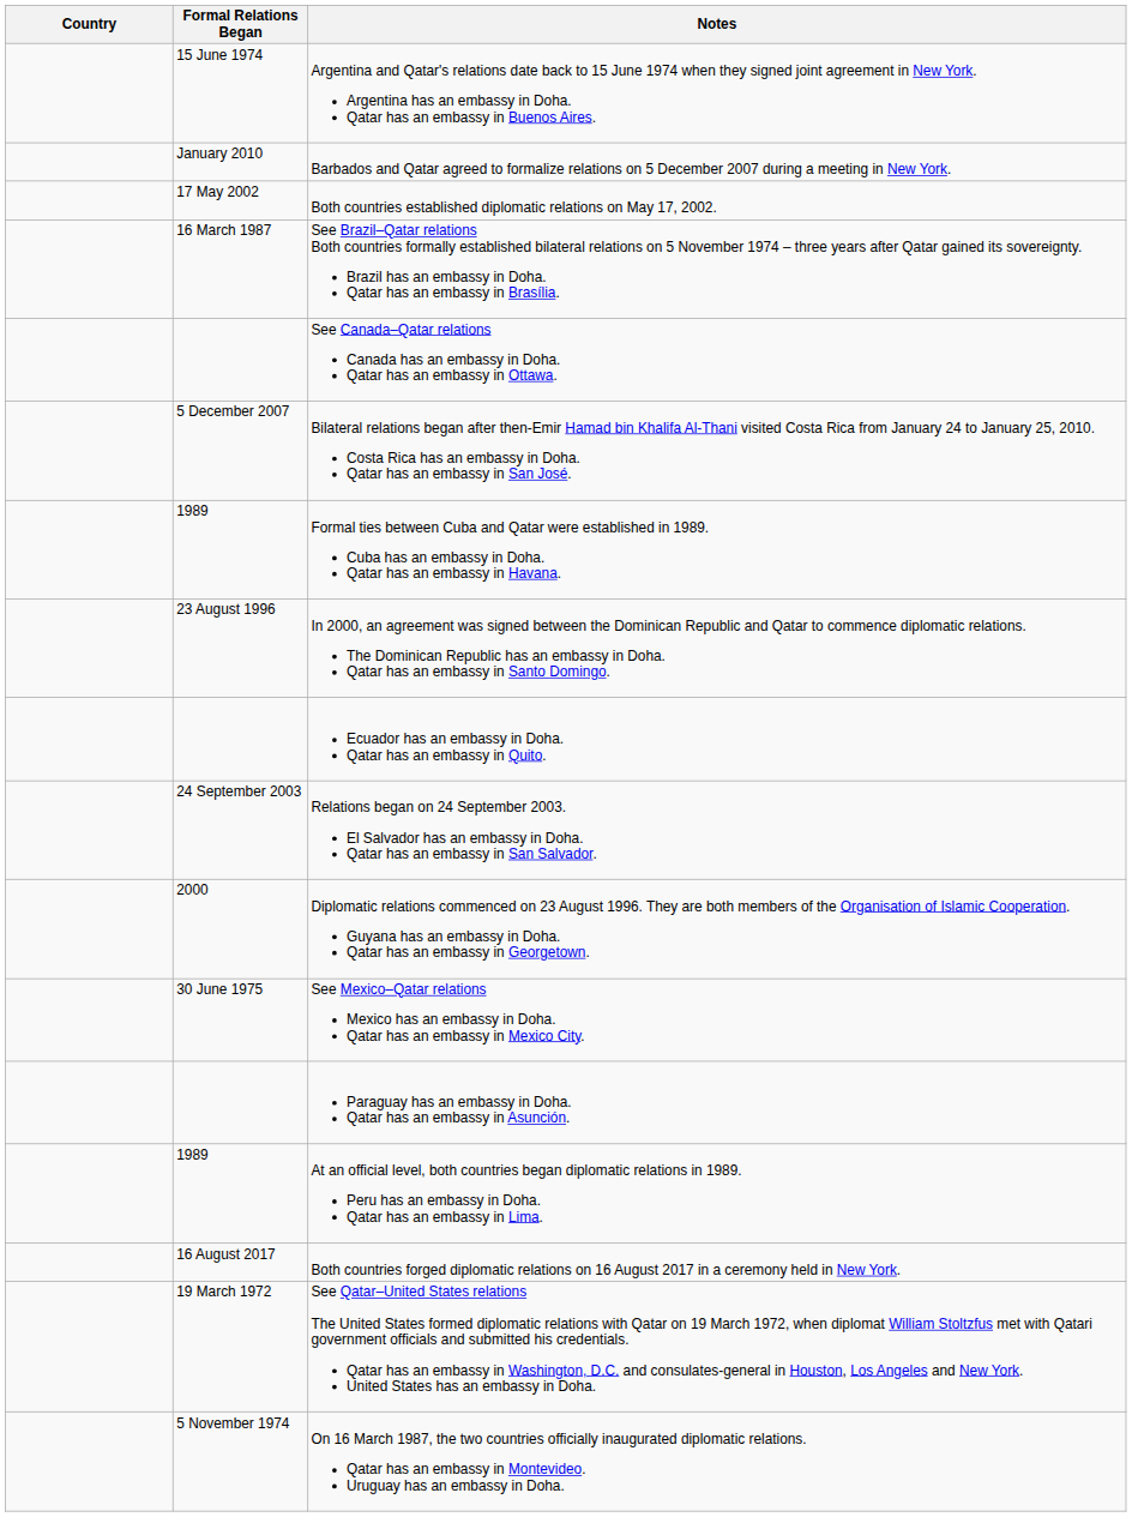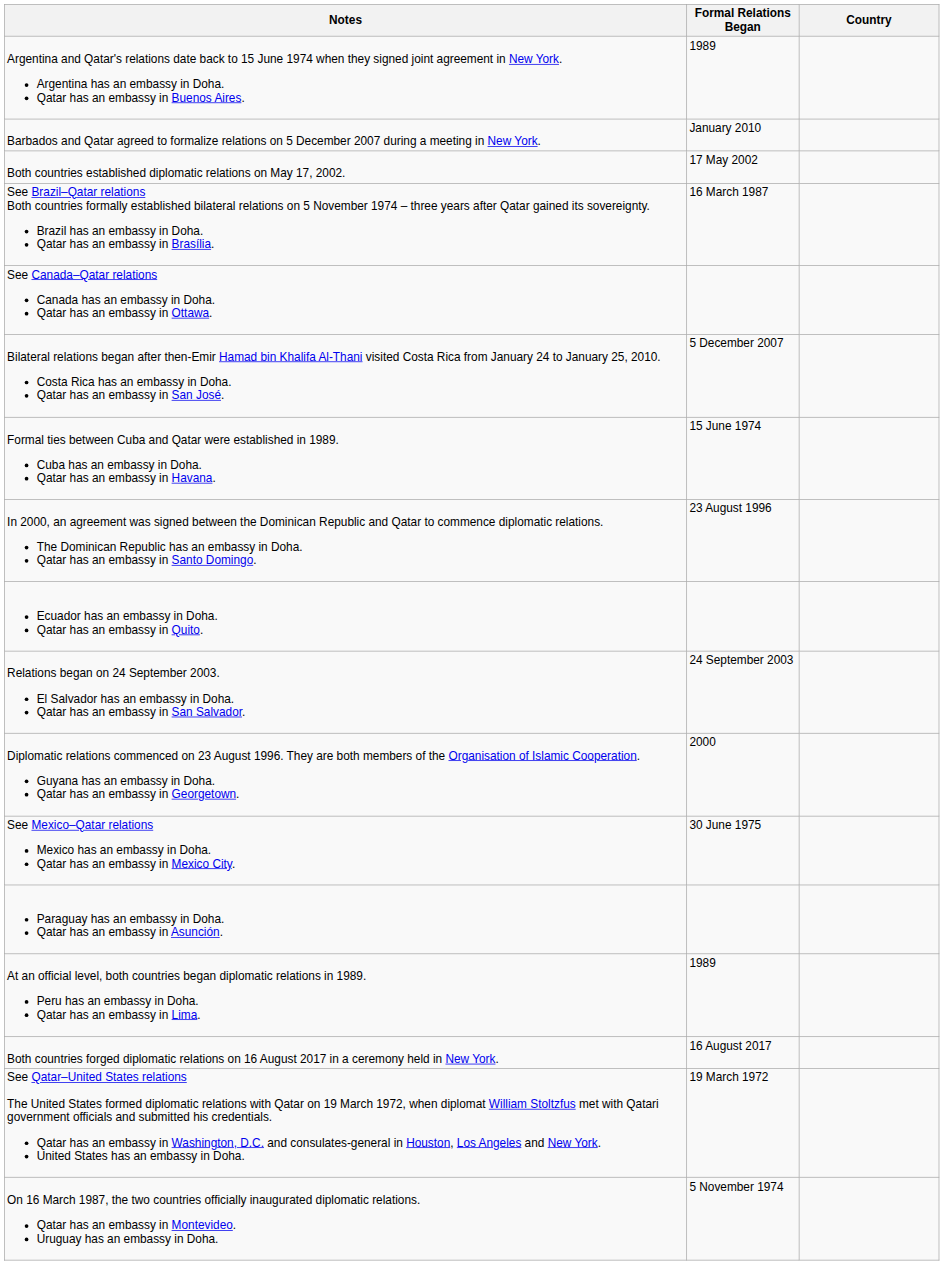 <table class="wikitable sortable" style="width:100%; margin:auto;">
 <tr>
+<th>Notes</th>
+<th style="width:12%;">Formal Relations Began</th>
 <th style="width:15%;">Country</th>
-<th style="width:12%;">Formal Relations Began</th>
-<th>Notes</th>
 </tr>
 <tr valign="top">
+<td><br>Argentina and Qatar's relations date back to 15 June 1974 when they signed joint agreement in <a href='#'>New York</a>.<ul><li>Argentina has an embassy in Doha.</li><li>Qatar has an embassy in <a href='#'>Buenos Aires</a>.</li></ul></td>
+<td>1989</td>
 <td></td>
-<td>15 June 1974</td>
-<td><br>Argentina and Qatar's relations date back to 15 June 1974 when they signed joint agreement in <a href='#'>New York</a>.<ul><li>Argentina has an embassy in Doha.</li><li>Qatar has an embassy in <a href='#'>Buenos Aires</a>.</li></ul></td>
 </tr>
 <tr valign="top">
+<td><br>Barbados and Qatar agreed to formalize relations on 5 December 2007 during a meeting in <a href='#'>New York</a>.</td>
+<td>January 2010</td>
 <td></td>
-<td>January 2010</td>
-<td><br>Barbados and Qatar agreed to formalize relations on 5 December 2007 during a meeting in <a href='#'>New York</a>.</td>
 </tr>
 <tr valign="top">
+<td><br>Both countries established diplomatic relations on May 17, 2002.</td>
+<td>17 May 2002</td>
 <td></td>
-<td>17 May 2002</td>
-<td><br>Both countries established diplomatic relations on May 17, 2002.</td>
 </tr>
 <tr valign="top">
+<td>See <a href='#'>Brazil–Qatar relations</a><br>Both countries formally established bilateral relations on 5 November 1974 – three years after Qatar gained its sovereignty.<ul><li>Brazil has an embassy in Doha.</li><li>Qatar has an embassy in <a href='#'>Brasília</a>.</li></ul></td>
+<td>16 March 1987</td>
 <td></td>
-<td>16 March 1987</td>
-<td>See <a href='#'>Brazil–Qatar relations</a><br>Both countries formally established bilateral relations on 5 November 1974 – three years after Qatar gained its sovereignty.<ul><li>Brazil has an embassy in Doha.</li><li>Qatar has an embassy in <a href='#'>Brasília</a>.</li></ul></td>
 </tr>
 <tr valign="top">
+<td>See <a href='#'>Canada–Qatar relations</a><br><ul><li>Canada has an embassy in Doha.</li><li>Qatar has an embassy in <a href='#'>Ottawa</a>.</li></ul></td>
 <td></td>
 <td></td>
-<td>See <a href='#'>Canada–Qatar relations</a><br><ul><li>Canada has an embassy in Doha.</li><li>Qatar has an embassy in <a href='#'>Ottawa</a>.</li></ul></td>
 </tr>
 <tr valign="top">
+<td><br>Bilateral relations began after then-Emir <a href='#'>Hamad bin Khalifa Al-Thani</a> visited Costa Rica from January 24 to January 25, 2010.<ul><li>Costa Rica has an embassy in Doha.</li><li>Qatar has an embassy in <a href='#'>San José</a>.</li></ul></td>
+<td>5 December 2007</td>
 <td></td>
-<td>5 December 2007</td>
-<td><br>Bilateral relations began after then-Emir <a href='#'>Hamad bin Khalifa Al-Thani</a> visited Costa Rica from January 24 to January 25, 2010.<ul><li>Costa Rica has an embassy in Doha.</li><li>Qatar has an embassy in <a href='#'>San José</a>.</li></ul></td>
 </tr>
 <tr valign="top">
+<td><br>Formal ties between Cuba and Qatar were established in 1989.<ul><li>Cuba has an embassy in Doha.</li><li>Qatar has an embassy in <a href='#'>Havana</a>.</li></ul></td>
+<td>15 June 1974</td>
 <td></td>
-<td>1989</td>
-<td><br>Formal ties between Cuba and Qatar were established in 1989.<ul><li>Cuba has an embassy in Doha.</li><li>Qatar has an embassy in <a href='#'>Havana</a>.</li></ul></td>
 </tr>
 <tr valign="top">
+<td><br>In 2000, an agreement was signed between the Dominican Republic and Qatar to commence diplomatic relations.<ul><li>The Dominican Republic has an embassy in Doha.</li><li>Qatar has an embassy in <a href='#'>Santo Domingo</a>.</li></ul></td>
+<td>23 August 1996</td>
 <td></td>
-<td>23 August 1996</td>
-<td><br>In 2000, an agreement was signed between the Dominican Republic and Qatar to commence diplomatic relations.<ul><li>The Dominican Republic has an embassy in Doha.</li><li>Qatar has an embassy in <a href='#'>Santo Domingo</a>.</li></ul></td>
 </tr>
 <tr valign="top">
+<td><br><ul><li>Ecuador has an embassy in Doha.</li><li>Qatar has an embassy in <a href='#'>Quito</a>.</li></ul></td>
 <td></td>
 <td></td>
-<td><br><ul><li>Ecuador has an embassy in Doha.</li><li>Qatar has an embassy in <a href='#'>Quito</a>.</li></ul></td>
 </tr>
 <tr valign="top">
+<td><br>Relations began on 24 September 2003.<ul><li>El Salvador has an embassy in Doha.</li><li>Qatar has an embassy in <a href='#'>San Salvador</a>.</li></ul></td>
+<td>24 September 2003</td>
 <td></td>
-<td>24 September 2003</td>
-<td><br>Relations began on 24 September 2003.<ul><li>El Salvador has an embassy in Doha.</li><li>Qatar has an embassy in <a href='#'>San Salvador</a>.</li></ul></td>
 </tr>
 <tr valign="top">
+<td><br>Diplomatic relations commenced on 23 August 1996. They are both members of the <a href='#'>Organisation of Islamic Cooperation</a>.<ul><li>Guyana has an embassy in Doha.</li><li>Qatar has an embassy in <a href='#'>Georgetown</a>.</li></ul></td>
+<td>2000</td>
 <td></td>
-<td>2000</td>
-<td><br>Diplomatic relations commenced on 23 August 1996. They are both members of the <a href='#'>Organisation of Islamic Cooperation</a>.<ul><li>Guyana has an embassy in Doha.</li><li>Qatar has an embassy in <a href='#'>Georgetown</a>.</li></ul></td>
 </tr>
 <tr valign="top">
+<td>See <a href='#'>Mexico–Qatar relations</a><br><ul><li>Mexico has an embassy in Doha.</li><li>Qatar has an embassy in <a href='#'>Mexico City</a>.</li></ul></td>
+<td>30 June 1975</td>
 <td></td>
-<td>30 June 1975</td>
-<td>See <a href='#'>Mexico–Qatar relations</a><br><ul><li>Mexico has an embassy in Doha.</li><li>Qatar has an embassy in <a href='#'>Mexico City</a>.</li></ul></td>
 </tr>
 <tr valign="top">
+<td><br><ul><li>Paraguay has an embassy in Doha.</li><li>Qatar has an embassy in <a href='#'>Asunción</a>.</li></ul></td>
 <td></td>
 <td></td>
-<td><br><ul><li>Paraguay has an embassy in Doha.</li><li>Qatar has an embassy in <a href='#'>Asunción</a>.</li></ul></td>
 </tr>
 <tr valign="top">
+<td><br>At an official level, both countries began diplomatic relations in 1989.<ul><li>Peru has an embassy in Doha.</li><li>Qatar has an embassy in <a href='#'>Lima</a>.</li></ul></td>
+<td>1989</td>
 <td></td>
-<td>1989</td>
-<td><br>At an official level, both countries began diplomatic relations in 1989.<ul><li>Peru has an embassy in Doha.</li><li>Qatar has an embassy in <a href='#'>Lima</a>.</li></ul></td>
 </tr>
 <tr valign="top">
+<td><br>Both countries forged diplomatic relations on 16 August 2017 in a ceremony held in <a href='#'>New York</a>.</td>
+<td>16 August 2017</td>
 <td></td>
-<td>16 August 2017</td>
-<td><br>Both countries forged diplomatic relations on 16 August 2017 in a ceremony held in <a href='#'>New York</a>.</td>
 </tr>
 <tr valign="top">
+<td>See <a href='#'>Qatar–United States relations</a><br><br>The United States formed diplomatic relations with Qatar on 19 March 1972, when diplomat <a href='#'>William Stoltzfus</a> met with Qatari government officials and submitted his credentials.<ul><li>Qatar has an embassy in <a href='#'>Washington, D.C.</a> and consulates-general in <a href='#'>Houston</a>, <a href='#'>Los Angeles</a> and <a href='#'>New York</a>.</li><li>United States has an embassy in Doha.</li></ul></td>
+<td>19 March 1972</td>
 <td></td>
-<td>19 March 1972</td>
-<td>See <a href='#'>Qatar–United States relations</a><br><br>The United States formed diplomatic relations with Qatar on 19 March 1972, when diplomat <a href='#'>William Stoltzfus</a> met with Qatari government officials and submitted his credentials.<ul><li>Qatar has an embassy in <a href='#'>Washington, D.C.</a> and consulates-general in <a href='#'>Houston</a>, <a href='#'>Los Angeles</a> and <a href='#'>New York</a>.</li><li>United States has an embassy in Doha.</li></ul></td>
 </tr>
 <tr valign="top">
+<td><br>On 16 March 1987, the two countries officially inaugurated diplomatic relations.<ul><li>Qatar has an embassy in <a href='#'>Montevideo</a>.</li><li>Uruguay has an embassy in Doha.</li></ul></td>
+<td>5 November 1974</td>
 <td></td>
-<td>5 November 1974</td>
-<td><br>On 16 March 1987, the two countries officially inaugurated diplomatic relations.<ul><li>Qatar has an embassy in <a href='#'>Montevideo</a>.</li><li>Uruguay has an embassy in Doha.</li></ul></td>
 </tr>
 </table>
